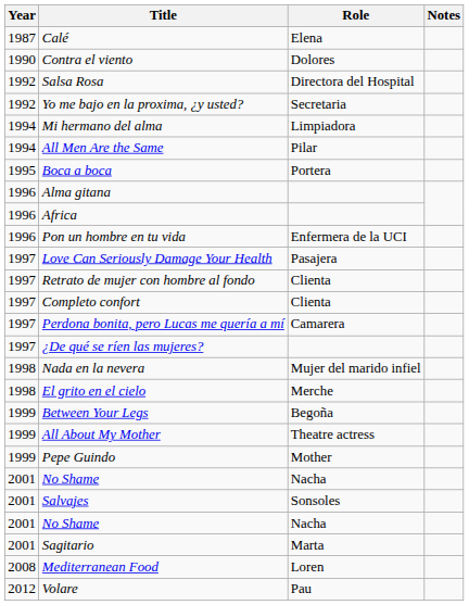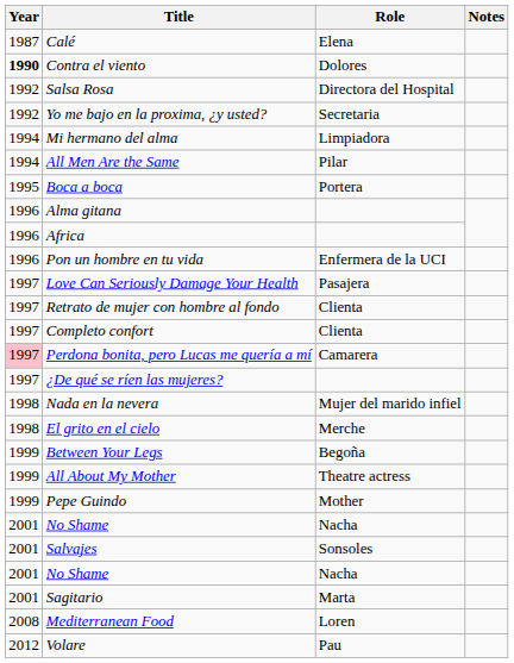 <table class="wikitable sortable">
 <tr>
 <th>Year</th>
 <th>Title</th>
 <th>Role</th>
 <th class="unsortable">Notes</th>
 </tr>
 <tr>
 <td>1987</td>
 <td><em>Calé</em></td>
 <td>Elena</td>
 <td></td>
 </tr>
 <tr>
-<td>1990</td>
+<td><strong>1990</strong></td>
 <td><em>Contra el viento</em></td>
 <td>Dolores</td>
 <td></td>
 </tr>
 <tr>
 <td>1992</td>
 <td><em>Salsa Rosa</em></td>
 <td>Directora del Hospital</td>
 <td></td>
 </tr>
 <tr>
 <td>1992</td>
 <td><em>Yo me bajo en la proxima, ¿y usted?</em></td>
 <td>Secretaria</td>
 <td></td>
 </tr>
 <tr>
 <td>1994</td>
 <td><em>Mi hermano del alma</em></td>
 <td>Limpiadora</td>
 <td></td>
 </tr>
 <tr>
 <td>1994</td>
 <td><em><a href='#'>All Men Are the Same</a></em></td>
 <td>Pilar</td>
 <td></td>
 </tr>
 <tr>
 <td>1995</td>
 <td><em><a href='#'>Boca a boca</a></em></td>
 <td>Portera</td>
 <td></td>
 </tr>
 <tr>
 <td>1996</td>
 <td><em>Alma gitana</em></td>
 <td></td>
 </tr>
 <tr>
 <td>1996</td>
 <td><em>Africa</em></td>
 <td></td>
 </tr>
 <tr>
 <td>1996</td>
 <td><em>Pon un hombre en tu vida</em></td>
 <td>Enfermera de la UCI</td>
 <td></td>
 </tr>
 <tr>
 <td>1997</td>
 <td><em><a href='#'>Love Can Seriously Damage Your Health</a></em></td>
 <td>Pasajera</td>
 <td></td>
 </tr>
 <tr>
 <td>1997</td>
 <td><em>Retrato de mujer con hombre al fondo</em></td>
 <td>Clienta</td>
 <td></td>
 </tr>
 <tr>
 <td>1997</td>
 <td><em>Completo confort</em></td>
 <td>Clienta</td>
 <td></td>
 </tr>
 <tr>
-<td>1997</td>
+<td style="background: pink;">1997</td>
 <td><em><a href='#'>Perdona bonita, pero Lucas me quería a mí</a></em></td>
 <td>Camarera</td>
 <td></td>
 </tr>
 <tr>
 <td>1997</td>
 <td><em><a href='#'>¿De qué se ríen las mujeres?</a></em></td>
 <td></td>
 </tr>
 <tr>
 <td>1998</td>
 <td><em>Nada en la nevera</em></td>
 <td>Mujer del marido infiel</td>
 <td></td>
 </tr>
 <tr>
 <td>1998</td>
 <td><em><a href='#'>El grito en el cielo</a></em></td>
 <td>Merche</td>
 <td></td>
 </tr>
 <tr>
 <td>1999</td>
 <td><em><a href='#'>Between Your Legs</a></em></td>
 <td>Begoña</td>
 <td></td>
 </tr>
 <tr>
 <td>1999</td>
 <td><em><a href='#'>All About My Mother</a></em></td>
 <td>Theatre actress</td>
 <td></td>
 </tr>
 <tr>
 <td>1999</td>
 <td><em>Pepe Guindo</em></td>
 <td>Mother</td>
 <td></td>
 </tr>
 <tr>
 <td>2001</td>
 <td><em><a href='#'>No Shame</a></em></td>
 <td>Nacha</td>
 <td></td>
 </tr>
 <tr>
 <td>2001</td>
 <td><em><a href='#'>Salvajes</a></em></td>
 <td>Sonsoles</td>
 <td></td>
 </tr>
 <tr>
 <td>2001</td>
 <td><em><a href='#'>No Shame</a></em></td>
 <td>Nacha</td>
 <td></td>
 </tr>
 <tr>
 <td>2001</td>
 <td><em>Sagitario</em></td>
 <td>Marta</td>
 <td></td>
 </tr>
 <tr>
 <td>2008</td>
 <td><em><a href='#'>Mediterranean Food</a></em></td>
 <td>Loren</td>
 <td></td>
 </tr>
 <tr>
 <td>2012</td>
 <td><em>Volare</em></td>
 <td>Pau</td>
 <td></td>
 </tr>
 </table>
